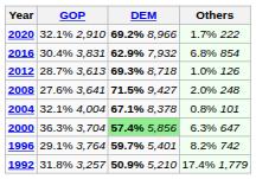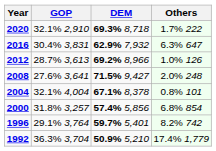 <table class="wikitable" class="toccolours" style="float:right; margin:1em 0 1em 1em; font-size:95%;">
 <tr>
 <th>Year</th>
 <th><a href='#'>GOP</a></th>
 <th><a href='#'>DEM</a></th>
 <th>Others</th>
 </tr>
 <tr>
 <td style="text-align:center; "><strong><a href='#'>2020</a></strong></td>
 <td style="text-align:center; ">32.1% <em>2,910</em></td>
-<td style="text-align:center; "><strong>69.2%</strong> <em>8,966</em></td>
+<td style="text-align:center; "><strong>69.3%</strong> <em>8,718</em></td>
 <td style="text-align:center; background:honeyDew;">1.7% <em>222</em></td>
 </tr>
 <tr>
 <td style="text-align:center; "><strong><a href='#'>2016</a></strong></td>
 <td style="text-align:center; ">30.4% <em>3,831</em></td>
 <td style="text-align:center; "><strong>62.9%</strong> <em>7,932</em></td>
-<td style="text-align:center; background:honeyDew;">6.8% <em>854</em></td>
+<td style="text-align:center; background:honeyDew;">6.3% <em>647</em></td>
 </tr>
 <tr>
 <td style="text-align:center; "><strong><a href='#'>2012</a></strong></td>
 <td style="text-align:center; ">28.7% <em>3,613</em></td>
-<td style="text-align:center; "><strong>69.3%</strong> <em>8,718</em></td>
+<td style="text-align:center; "><strong>69.2%</strong> <em>8,966</em></td>
 <td style="text-align:center; background:honeyDew;">1.0% <em>126</em></td>
 </tr>
 <tr>
 <td style="text-align:center; "><strong><a href='#'>2008</a></strong></td>
 <td style="text-align:center; ">27.6% <em>3,641</em></td>
 <td style="text-align:center; "><strong>71.5%</strong> <em>9,427</em></td>
 <td style="text-align:center; background:honeyDew;">2.0% <em>248</em></td>
 </tr>
 <tr>
 <td style="text-align:center; "><strong><a href='#'>2004</a></strong></td>
 <td style="text-align:center; ">32.1% <em>4,004</em></td>
 <td style="text-align:center; "><strong>67.1%</strong> <em>8,378</em></td>
 <td style="text-align:center; background:honeyDew;">0.8% <em>101</em></td>
 </tr>
 <tr>
 <td style="text-align:center; "><strong><a href='#'>2000</a></strong></td>
-<td style="text-align:center; ">36.3% <em>3,704</em></td>
-<td style="background: lightgreen; text-align:center; "><strong>57.4%</strong> <em>5,856</em></td>
-<td style="text-align:center; background:honeyDew;">6.3% <em>647</em></td>
+<td style="text-align:center; ">31.8% <em>3,257</em></td>
+<td style="text-align:center; "><strong>57.4%</strong> <em>5,856</em></td>
+<td style="text-align:center; background:honeyDew;">6.8% <em>854</em></td>
 </tr>
 <tr>
 <td style="text-align:center; "><strong><a href='#'>1996</a></strong></td>
 <td style="text-align:center; ">29.1% <em>3,764</em></td>
 <td style="text-align:center; "><strong>59.7%</strong> <em>5,401</em></td>
 <td style="text-align:center; background:honeyDew;">8.2% <em>742</em></td>
 </tr>
 <tr>
 <td style="text-align:center; "><strong><a href='#'>1992</a></strong></td>
-<td style="text-align:center; ">31.8% <em>3,257</em></td>
+<td style="text-align:center; ">36.3% <em>3,704</em></td>
 <td style="text-align:center; "><strong>50.9%</strong> <em>5,210</em></td>
 <td style="text-align:center; background:honeyDew;">17.4% <em>1,779</em></td>
 </tr>
 </table>
